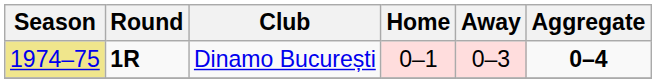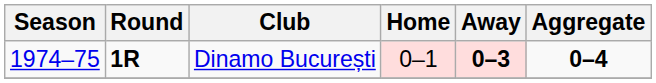 <table class="wikitable">
 <tr>
 <th>Season</th>
 <th>Round</th>
 <th>Club</th>
 <th>Home</th>
 <th>Away</th>
 <th>Aggregate</th>
 </tr>
 <tr>
-<td style="background: khaki;"><a href='#'>1974–75</a></td>
+<td><a href='#'>1974–75</a></td>
 <td><strong>1R</strong></td>
 <td> <a href='#'>Dinamo București</a></td>
 <td style="text-align:center; background:#fdd;">0–1</td>
-<td style="text-align:center; background:#fdd;">0–3</td>
+<td style="text-align:center; background:#fdd;"><strong>0–3</strong></td>
 <td style="text-align:center;"><strong>0–4</strong></td>
 </tr>
 <tr>
 </tr>
 </table>
